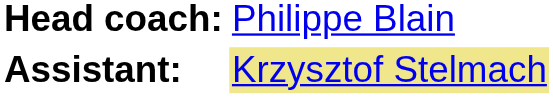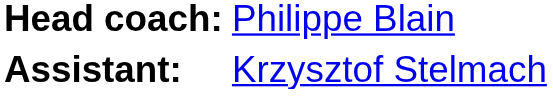 <table>
 <tr>
 <td><strong>Head coach:</strong></td>
 <td> <a href='#'>Philippe Blain</a></td>
 </tr>
 <tr>
 <td><strong>Assistant:</strong></td>
-<td style="background: khaki;"> <a href='#'>Krzysztof Stelmach</a></td>
+<td> <a href='#'>Krzysztof Stelmach</a></td>
 </tr>
 <tr>
 </tr>
 </table>
